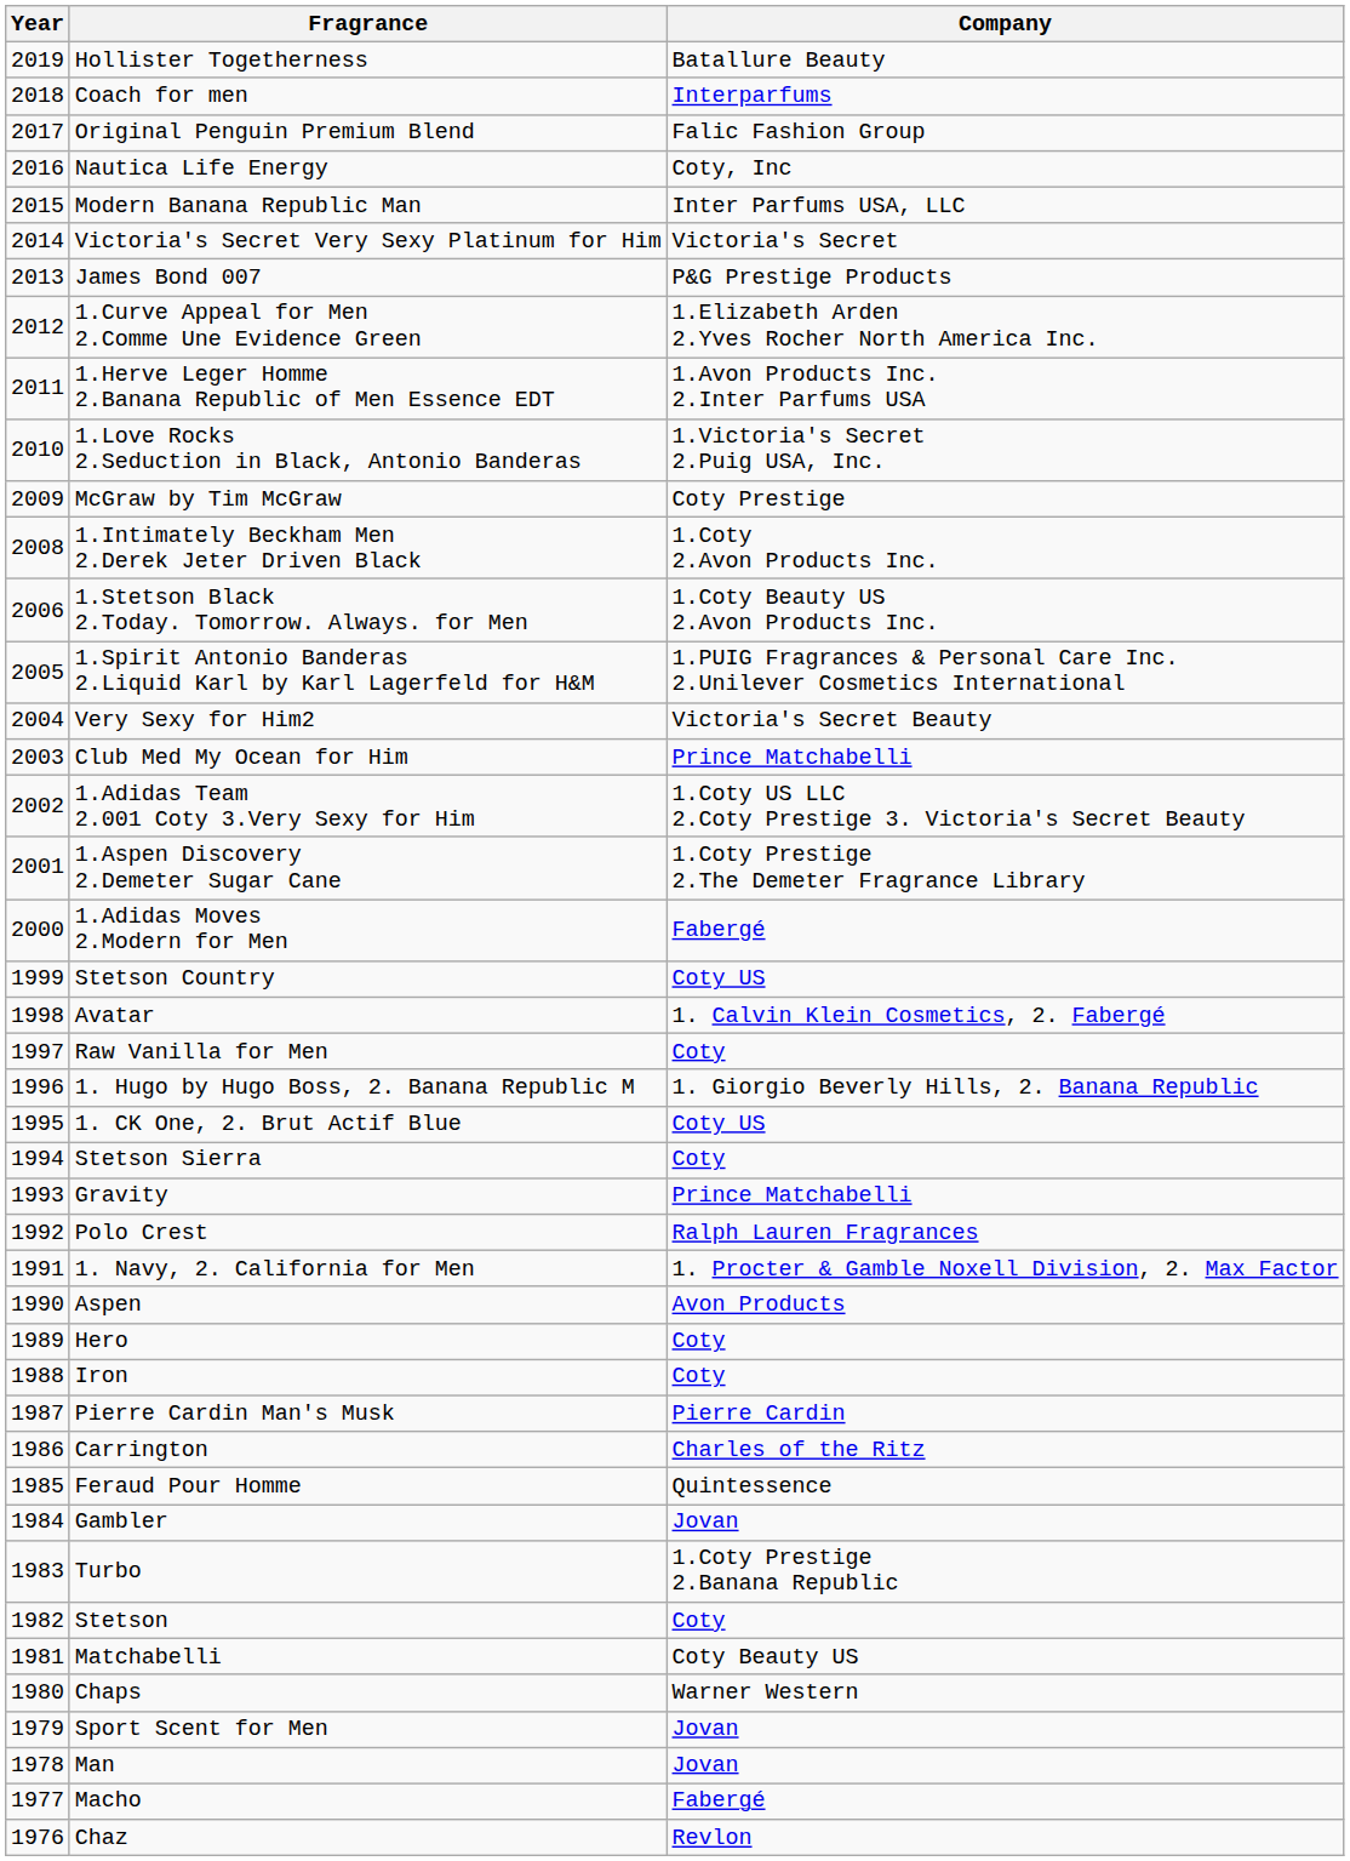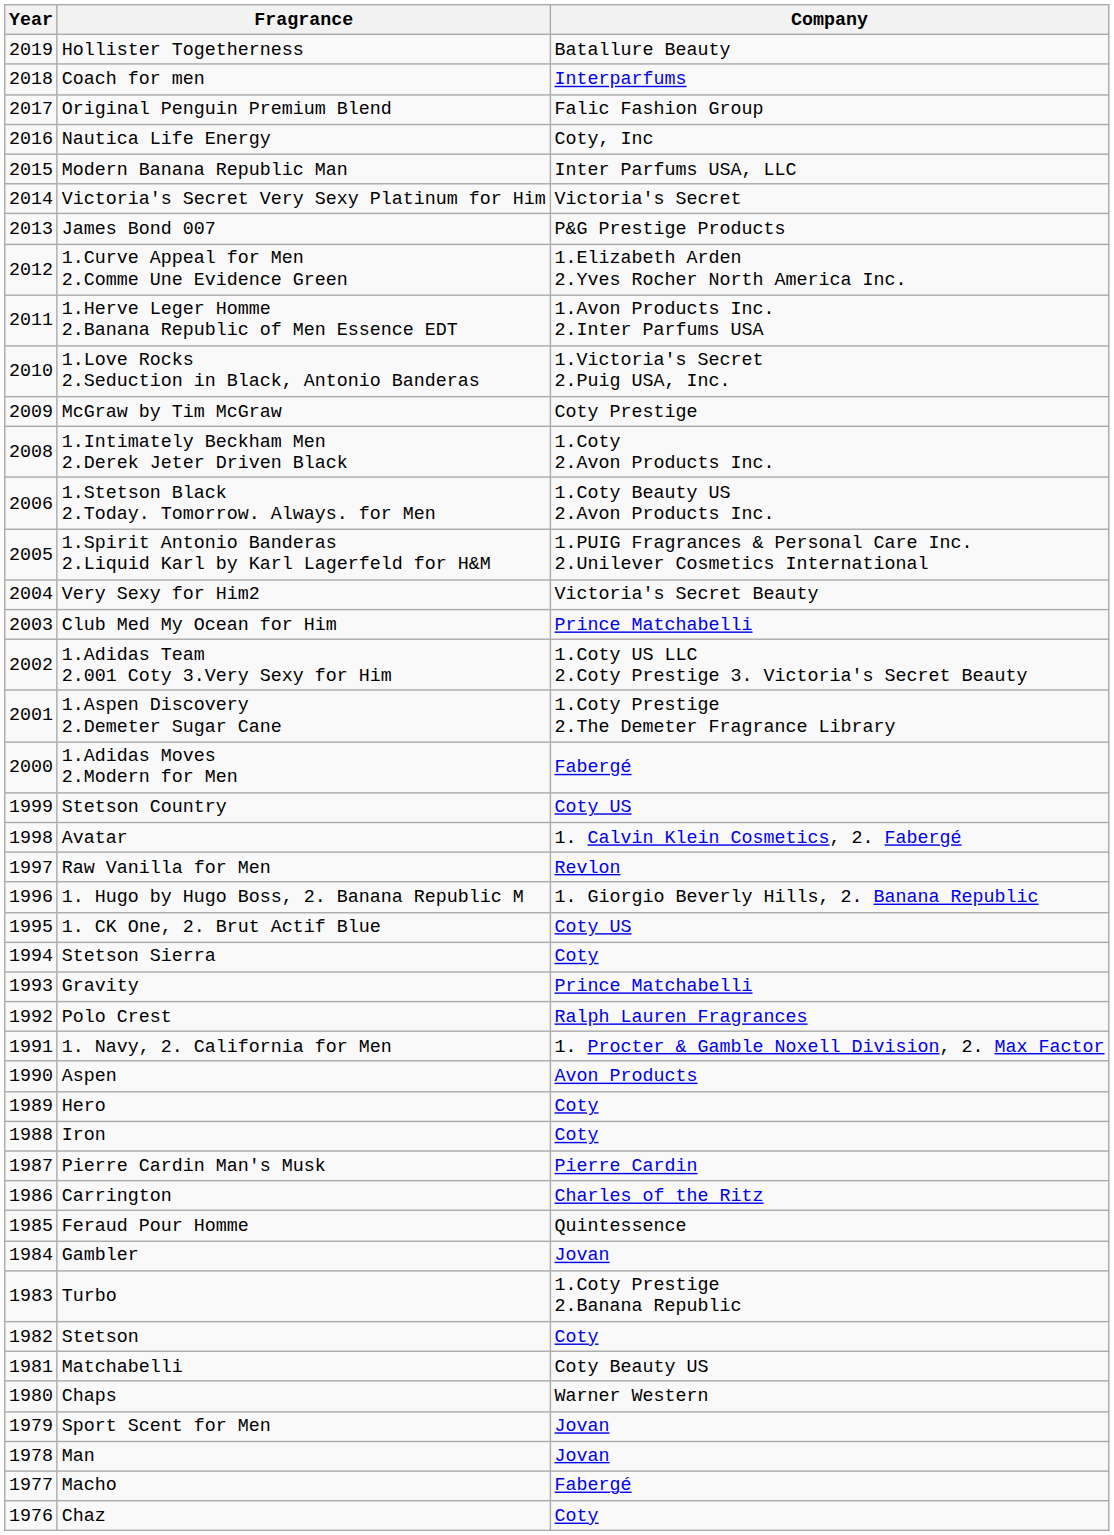 <table class="wikitable sortable">
 <tr>
 <th>Year</th>
 <th>Fragrance</th>
 <th>Company</th>
 </tr>
 <tr>
 <td>2019</td>
 <td>Hollister Togetherness</td>
 <td>Batallure Beauty</td>
 </tr>
 <tr>
 <td>2018</td>
 <td>Coach for men</td>
 <td><a href='#'>Interparfums</a></td>
 </tr>
 <tr>
 <td>2017</td>
 <td>Original Penguin Premium Blend</td>
 <td>Falic Fashion Group</td>
 </tr>
 <tr>
 <td>2016</td>
 <td>Nautica Life Energy</td>
 <td>Coty, Inc</td>
 </tr>
 <tr>
 <td>2015</td>
 <td>Modern Banana Republic Man</td>
 <td>Inter Parfums USA, LLC</td>
 </tr>
 <tr>
 <td>2014</td>
 <td>Victoria's Secret Very Sexy Platinum for Him</td>
 <td>Victoria's Secret</td>
 </tr>
 <tr>
 <td>2013</td>
 <td>James Bond 007</td>
 <td>P&G Prestige Products</td>
 </tr>
 <tr>
 <td>2012</td>
 <td>1.Curve Appeal for Men<br>2.Comme Une Evidence Green</td>
 <td>1.Elizabeth Arden<br>2.Yves Rocher North America Inc.</td>
 </tr>
 <tr>
 <td>2011</td>
 <td>1.Herve Leger Homme<br>2.Banana Republic of Men Essence EDT</td>
 <td>1.Avon Products Inc.<br>2.Inter Parfums USA</td>
 </tr>
 <tr>
 <td>2010</td>
 <td>1.Love Rocks<br>2.Seduction in Black, Antonio Banderas</td>
 <td>1.Victoria's Secret<br>2.Puig USA, Inc.</td>
 </tr>
 <tr>
 <td>2009</td>
 <td>McGraw by Tim McGraw</td>
 <td>Coty Prestige</td>
 </tr>
 <tr>
 <td>2008</td>
 <td>1.Intimately Beckham Men<br>2.Derek Jeter Driven Black</td>
 <td>1.Coty<br>2.Avon Products Inc.</td>
 </tr>
 <tr>
 <td>2006</td>
 <td>1.Stetson Black<br>2.Today. Tomorrow. Always. for Men</td>
 <td>1.Coty Beauty US<br>2.Avon Products Inc.</td>
 </tr>
 <tr>
 <td>2005</td>
 <td>1.Spirit Antonio Banderas<br>2.Liquid Karl by Karl Lagerfeld for H&M</td>
 <td>1.PUIG Fragrances & Personal Care Inc.<br>2.Unilever Cosmetics International</td>
 </tr>
 <tr>
 <td>2004</td>
 <td>Very Sexy for Him2</td>
 <td>Victoria's Secret Beauty</td>
 </tr>
 <tr>
 <td>2003</td>
 <td>Club Med My Ocean for Him</td>
 <td><a href='#'>Prince Matchabelli</a></td>
 </tr>
 <tr>
 <td>2002</td>
 <td>1.Adidas Team<br>2.001 Coty 3.Very Sexy for Him</td>
 <td>1.Coty US LLC<br>2.Coty Prestige 3. Victoria's Secret Beauty</td>
 </tr>
 <tr>
 <td>2001</td>
 <td>1.Aspen Discovery<br>2.Demeter Sugar Cane</td>
 <td>1.Coty Prestige<br>2.The Demeter Fragrance Library</td>
 </tr>
 <tr>
 <td>2000</td>
 <td>1.Adidas Moves<br>2.Modern for Men</td>
 <td><a href='#'>Fabergé</a></td>
 </tr>
 <tr>
 <td>1999</td>
 <td>Stetson Country</td>
 <td><a href='#'>Coty US</a></td>
 </tr>
 <tr>
 <td>1998</td>
 <td>Avatar</td>
 <td>1. <a href='#'>Calvin Klein Cosmetics</a>, 2. <a href='#'>Fabergé</a></td>
 </tr>
 <tr>
 <td>1997</td>
 <td>Raw Vanilla for Men</td>
-<td><a href='#'>Coty</a></td>
+<td><a href='#'>Revlon</a></td>
 </tr>
 <tr>
 <td>1996</td>
 <td>1. Hugo by Hugo Boss, 2. Banana Republic M</td>
 <td>1. Giorgio Beverly Hills, 2. <a href='#'>Banana Republic</a></td>
 </tr>
 <tr>
 <td>1995</td>
 <td>1. CK One, 2. Brut Actif Blue</td>
 <td><a href='#'>Coty US</a></td>
 </tr>
 <tr>
 <td>1994</td>
 <td>Stetson Sierra</td>
 <td><a href='#'>Coty</a></td>
 </tr>
 <tr>
 <td>1993</td>
 <td>Gravity</td>
 <td><a href='#'>Prince Matchabelli</a></td>
 </tr>
 <tr>
 <td>1992</td>
 <td>Polo Crest</td>
 <td><a href='#'>Ralph Lauren Fragrances</a></td>
 </tr>
 <tr>
 <td>1991</td>
 <td>1. Navy, 2. California for Men</td>
 <td>1. <a href='#'>Procter & Gamble Noxell Division</a>, 2. <a href='#'>Max Factor</a></td>
 </tr>
 <tr>
 <td>1990</td>
 <td>Aspen</td>
 <td><a href='#'>Avon Products</a></td>
 </tr>
 <tr>
 <td>1989</td>
 <td>Hero</td>
 <td><a href='#'>Coty</a></td>
 </tr>
 <tr>
 <td>1988</td>
 <td>Iron</td>
 <td><a href='#'>Coty</a></td>
 </tr>
 <tr>
 <td>1987</td>
 <td>Pierre Cardin Man's Musk</td>
 <td><a href='#'>Pierre Cardin</a></td>
 </tr>
 <tr>
 <td>1986</td>
 <td>Carrington</td>
 <td><a href='#'>Charles of the Ritz</a></td>
 </tr>
 <tr>
 <td>1985</td>
 <td>Feraud Pour Homme</td>
 <td>Quintessence</td>
 </tr>
 <tr>
 <td>1984</td>
 <td>Gambler</td>
 <td><a href='#'>Jovan</a></td>
 </tr>
 <tr>
 <td>1983</td>
 <td>Turbo</td>
 <td>1.Coty Prestige<br>2.Banana Republic</td>
 </tr>
 <tr>
 <td>1982</td>
 <td>Stetson</td>
 <td><a href='#'>Coty</a></td>
 </tr>
 <tr>
 <td>1981</td>
 <td>Matchabelli</td>
 <td>Coty Beauty US</td>
 </tr>
 <tr>
 <td>1980</td>
 <td>Chaps</td>
 <td>Warner Western</td>
 </tr>
 <tr>
 <td>1979</td>
 <td>Sport Scent for Men</td>
 <td><a href='#'>Jovan</a></td>
 </tr>
 <tr>
 <td>1978</td>
 <td>Man</td>
 <td><a href='#'>Jovan</a></td>
 </tr>
 <tr>
 <td>1977</td>
 <td>Macho</td>
 <td><a href='#'>Fabergé</a></td>
 </tr>
 <tr>
 <td>1976</td>
 <td>Chaz</td>
-<td><a href='#'>Revlon</a></td>
+<td><a href='#'>Coty</a></td>
 </tr>
 </table>
